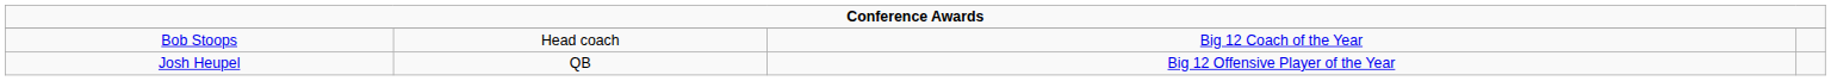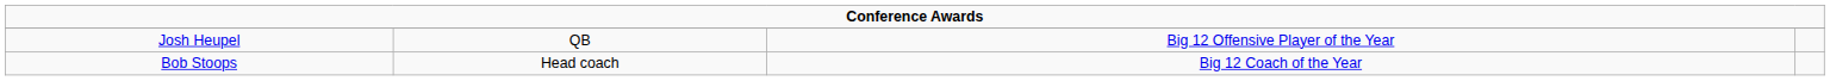 <table class="wikitable" style="width:100%;text-align: center;">
 <tr>
 <td colspan=4><strong>Conference Awards</strong></td>
 </tr>
 <tr>
 </tr>
 <tr align="center">
+<td><a href='#'>Josh Heupel</a></td>
+<td>QB</td>
+<td><a href='#'>Big 12 Offensive Player of the Year</a></td>
+<td></td>
+</tr>
+<tr align="center">
 <td><a href='#'>Bob Stoops</a></td>
 <td>Head coach</td>
 <td><a href='#'>Big 12 Coach of the Year</a></td>
 <td></td>
 </tr>
-<tr align="center">
-<td><a href='#'>Josh Heupel</a></td>
-<td>QB</td>
-<td><a href='#'>Big 12 Offensive Player of the Year</a></td>
-<td></td>
-</tr>
 </table>
